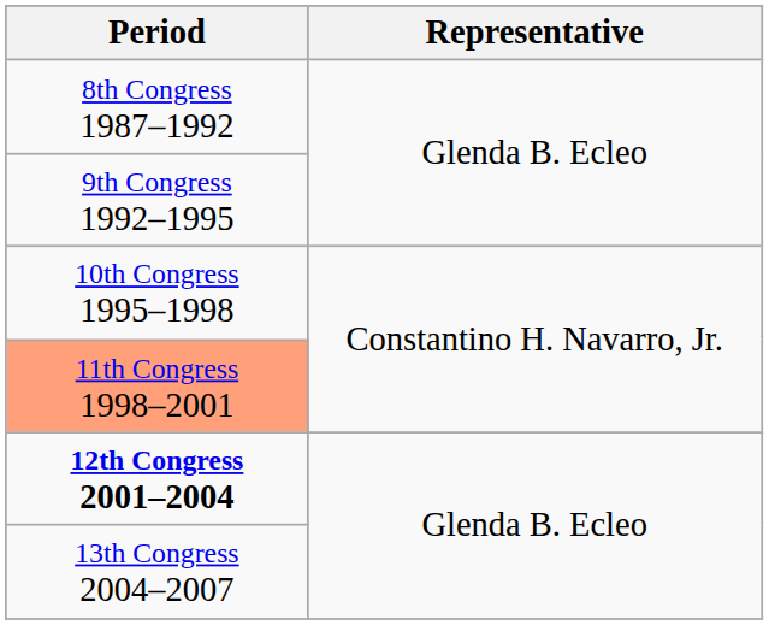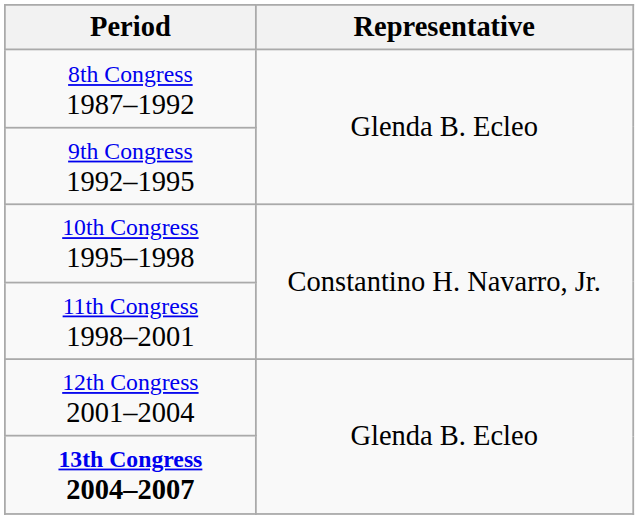 <table class="wikitable" style="text-align:center; width:40%;">
 <tr>
 <th width="40%">Period</th>
 <th>Representative</th>
 </tr>
 <tr>
 <td><small><a href='#'>8th Congress</a></small><br>1987–1992</td>
 <td rowspan="2">Glenda B. Ecleo</td>
 </tr>
 <tr>
 <td><small><a href='#'>9th Congress</a></small><br>1992–1995</td>
 </tr>
 <tr>
 <td><small><a href='#'>10th Congress</a></small><br>1995–1998</td>
 <td rowspan="2">Constantino H. Navarro, Jr.</td>
 </tr>
 <tr>
-<td style="background: lightsalmon;"><small><a href='#'>11th Congress</a></small><br>1998–2001</td>
+<td><small><a href='#'>11th Congress</a></small><br>1998–2001</td>
 </tr>
 <tr>
-<td><strong><small><a href='#'>12th Congress</a></small><br>2001–2004</strong></td>
+<td><small><a href='#'>12th Congress</a></small><br>2001–2004</td>
 <td rowspan="2">Glenda B. Ecleo</td>
 </tr>
 <tr>
-<td><small><a href='#'>13th Congress</a></small><br>2004–2007</td>
+<td><strong><small><a href='#'>13th Congress</a></small><br>2004–2007</strong></td>
 </tr>
 </table>
